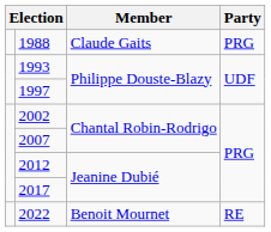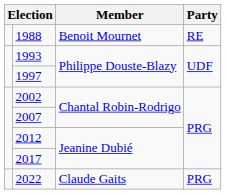 <table class="wikitable">
 <tr>
 <th colspan=2>Election</th>
 <th>Member</th>
 <th>Party</th>
 </tr>
 <tr>
 <td style="background-color: "></td>
 <td><a href='#'>1988</a></td>
-<td><a href='#'>Claude Gaits</a></td>
-<td><a href='#'>PRG</a></td>
+<td><a href='#'>Benoit Mournet</a></td>
+<td><a href='#'>RE</a></td>
 </tr>
 <tr>
 <td rowspan="2" style="background-color: "></td>
 <td><a href='#'>1993</a></td>
 <td rowspan="2"><a href='#'>Philippe Douste-Blazy</a></td>
 <td rowspan="2"><a href='#'>UDF</a></td>
 </tr>
 <tr>
 <td><a href='#'>1997</a></td>
 </tr>
 <tr>
 <td rowspan=4 style="background-color: "></td>
 <td><a href='#'>2002</a></td>
 <td rowspan=2><a href='#'>Chantal Robin-Rodrigo</a></td>
 <td rowspan=4><a href='#'>PRG</a></td>
 </tr>
 <tr>
 <td><a href='#'>2007</a></td>
 </tr>
 <tr>
 <td><a href='#'>2012</a></td>
 <td rowspan=2><a href='#'>Jeanine Dubié</a></td>
 </tr>
 <tr>
 <td><a href='#'>2017</a></td>
 </tr>
 <tr>
 <td style="background-color: "></td>
 <td><a href='#'>2022</a></td>
-<td><a href='#'>Benoit Mournet</a></td>
-<td><a href='#'>RE</a></td>
+<td><a href='#'>Claude Gaits</a></td>
+<td><a href='#'>PRG</a></td>
 </tr>
 </table>
